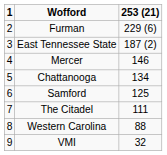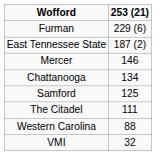 <table class="wikitable" style="display: inline-table;">
 <tr align="center">
-<td><strong>1</strong></td>
 <td><strong>Wofford</strong></td>
 <td><strong>253 (21)</strong></td>
 </tr>
 <tr align="center">
-<td>2</td>
 <td>Furman</td>
 <td>229 (6)</td>
 </tr>
 <tr align="center">
-<td>3</td>
 <td>East Tennessee State</td>
 <td>187 (2)</td>
 </tr>
 <tr align="center">
-<td>4</td>
 <td>Mercer</td>
 <td>146</td>
 </tr>
 <tr align="center">
-<td>5</td>
 <td>Chattanooga</td>
 <td>134</td>
 </tr>
 <tr align="center">
-<td>6</td>
 <td>Samford</td>
 <td>125</td>
 </tr>
 <tr align="center">
-<td>7</td>
 <td>The Citadel</td>
 <td>111</td>
 </tr>
 <tr align="center">
-<td>8</td>
 <td>Western Carolina</td>
 <td>88</td>
 </tr>
 <tr align="center">
-<td>9</td>
 <td>VMI</td>
 <td>32</td>
 </tr>
 </table>
